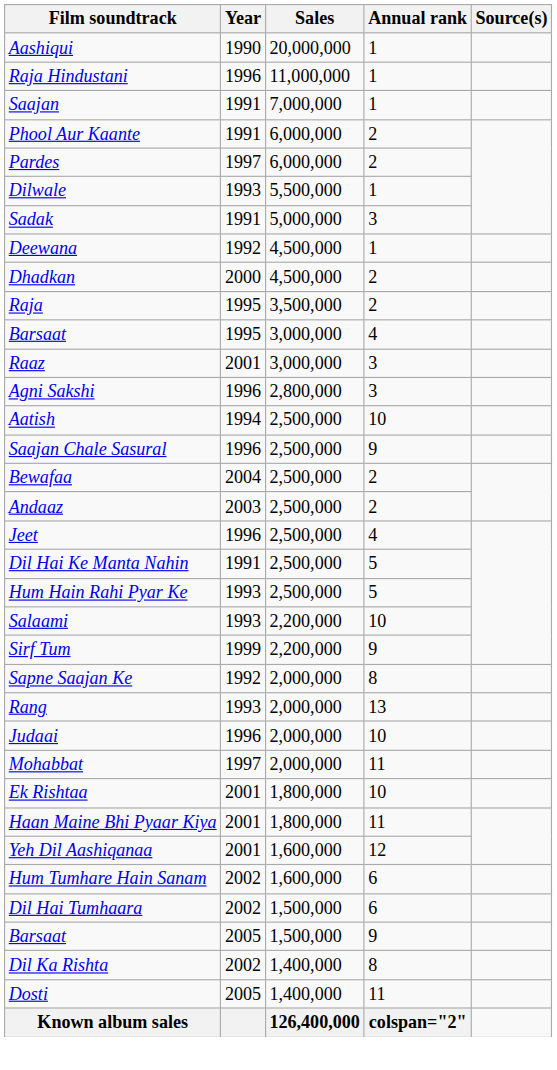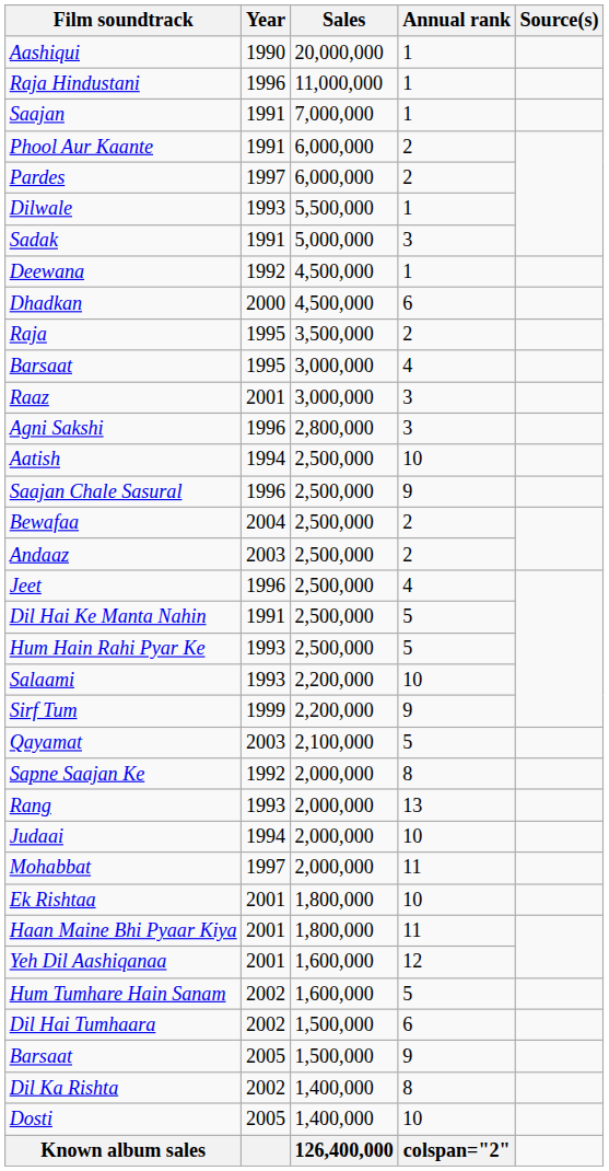 <table class="wikitable sortable">
 <tr>
 <th>Film soundtrack</th>
 <th>Year</th>
 <th>Sales</th>
 <th>Annual rank</th>
 <th>Source(s)</th>
 </tr>
 <tr>
 <td><em><a href='#'>Aashiqui</a></em></td>
 <td>1990</td>
 <td>20,000,000</td>
 <td>1</td>
 <td></td>
 </tr>
 <tr>
 <td><em><a href='#'>Raja Hindustani</a></em></td>
 <td>1996</td>
 <td>11,000,000</td>
 <td>1</td>
 <td></td>
 </tr>
 <tr>
 <td><em><a href='#'>Saajan</a></em></td>
 <td>1991</td>
 <td>7,000,000</td>
 <td>1</td>
 <td></td>
 </tr>
 <tr>
 <td><em><a href='#'>Phool Aur Kaante</a></em></td>
 <td>1991</td>
 <td>6,000,000</td>
 <td>2</td>
 <td rowspan="4"></td>
 </tr>
 <tr>
 <td><em><a href='#'>Pardes</a></em></td>
 <td>1997</td>
 <td>6,000,000</td>
 <td>2</td>
 </tr>
 <tr>
 <td><em><a href='#'>Dilwale</a></em></td>
 <td>1993</td>
 <td>5,500,000</td>
 <td>1</td>
 </tr>
 <tr>
 <td><em><a href='#'>Sadak</a></em></td>
 <td>1991</td>
 <td>5,000,000</td>
 <td>3</td>
 </tr>
 <tr>
 <td><em><a href='#'>Deewana</a></em></td>
 <td>1992</td>
 <td>4,500,000</td>
 <td>1</td>
 <td></td>
 </tr>
 <tr>
 <td><em><a href='#'>Dhadkan</a></em></td>
 <td>2000</td>
 <td>4,500,000</td>
-<td>2</td>
+<td>6</td>
 <td></td>
 </tr>
 <tr>
 <td><em><a href='#'>Raja</a></em></td>
 <td>1995</td>
 <td>3,500,000</td>
 <td>2</td>
 <td></td>
 </tr>
 <tr>
 <td><em><a href='#'>Barsaat</a></em></td>
 <td>1995</td>
 <td>3,000,000</td>
 <td>4</td>
 <td></td>
 </tr>
 <tr>
 <td><em><a href='#'>Raaz</a></em></td>
 <td>2001</td>
 <td>3,000,000</td>
 <td>3</td>
 <td></td>
 </tr>
 <tr>
 <td><em><a href='#'>Agni Sakshi</a></em></td>
 <td>1996</td>
 <td>2,800,000</td>
 <td>3</td>
 <td></td>
 </tr>
 <tr>
 <td><em><a href='#'>Aatish</a></em></td>
 <td>1994</td>
 <td>2,500,000</td>
 <td>10</td>
 <td></td>
 </tr>
 <tr>
 <td><em><a href='#'>Saajan Chale Sasural</a></em></td>
 <td>1996</td>
 <td>2,500,000</td>
 <td>9</td>
 <td></td>
 </tr>
 <tr>
 <td><em><a href='#'>Bewafaa</a></em></td>
 <td>2004</td>
 <td>2,500,000</td>
 <td>2</td>
 <td rowspan="2"></td>
 </tr>
 <tr>
 <td><em><a href='#'>Andaaz</a></em></td>
 <td>2003</td>
 <td>2,500,000</td>
 <td>2</td>
 </tr>
 <tr>
 <td><em><a href='#'>Jeet</a></em></td>
 <td>1996</td>
 <td>2,500,000</td>
 <td>4</td>
 <td rowspan="5"></td>
 </tr>
 <tr>
 <td><em><a href='#'>Dil Hai Ke Manta Nahin</a></em></td>
 <td>1991</td>
 <td>2,500,000</td>
 <td>5</td>
 </tr>
 <tr>
 <td><em><a href='#'>Hum Hain Rahi Pyar Ke</a></em></td>
 <td>1993</td>
 <td>2,500,000</td>
 <td>5</td>
 </tr>
 <tr>
 <td><em><a href='#'>Salaami</a></em></td>
 <td>1993</td>
 <td>2,200,000</td>
 <td>10</td>
 </tr>
 <tr>
 <td><em><a href='#'>Sirf Tum</a></em></td>
 <td>1999</td>
 <td>2,200,000</td>
 <td>9</td>
 </tr>
 <tr>
+<td><em><a href='#'>Qayamat</a></em></td>
+<td>2003</td>
+<td>2,100,000</td>
+<td>5</td>
+<td></td>
+</tr>
+<tr>
 <td><em><a href='#'>Sapne Saajan Ke</a></em></td>
 <td>1992</td>
 <td>2,000,000</td>
 <td>8</td>
 <td></td>
 </tr>
 <tr>
 <td><em><a href='#'>Rang</a></em></td>
 <td>1993</td>
 <td>2,000,000</td>
 <td>13</td>
 <td></td>
 </tr>
 <tr>
 <td><em><a href='#'>Judaai</a></em></td>
-<td>1996</td>
+<td>1994</td>
 <td>2,000,000</td>
 <td>10</td>
 <td></td>
 </tr>
 <tr>
 <td><em><a href='#'>Mohabbat</a></em></td>
 <td>1997</td>
 <td>2,000,000</td>
 <td>11</td>
 <td></td>
 </tr>
 <tr>
 <td><em><a href='#'>Ek Rishtaa</a></em></td>
 <td>2001</td>
 <td>1,800,000</td>
 <td>10</td>
 <td></td>
 </tr>
 <tr>
 <td><em><a href='#'>Haan Maine Bhi Pyaar Kiya</a></em></td>
 <td>2001</td>
 <td>1,800,000</td>
 <td>11</td>
 <td rowspan="2"></td>
 </tr>
 <tr>
 <td><em><a href='#'>Yeh Dil Aashiqanaa</a></em></td>
 <td>2001</td>
 <td>1,600,000</td>
 <td>12</td>
 </tr>
 <tr>
 <td><em><a href='#'>Hum Tumhare Hain Sanam</a></em></td>
 <td>2002</td>
 <td>1,600,000</td>
-<td>6</td>
+<td>5</td>
 <td></td>
 </tr>
 <tr>
 <td><em><a href='#'>Dil Hai Tumhaara</a></em></td>
 <td>2002</td>
 <td>1,500,000</td>
 <td>6</td>
 <td></td>
 </tr>
 <tr>
 <td><a href='#'><em>Barsaat</em></a></td>
 <td>2005</td>
 <td>1,500,000</td>
 <td>9</td>
 <td></td>
 </tr>
 <tr>
 <td><em><a href='#'>Dil Ka Rishta</a></em></td>
 <td>2002</td>
 <td>1,400,000</td>
 <td>8</td>
 <td></td>
 </tr>
 <tr>
 <td><em><a href='#'>Dosti</a></em></td>
 <td>2005</td>
 <td>1,400,000</td>
-<td>11</td>
+<td>10</td>
 <td></td>
 </tr>
 <tr>
 <th>Known album sales</th>
 <th></th>
 <th>126,400,000</th>
 <th>colspan="2" </th>
 </tr>
 </table>
